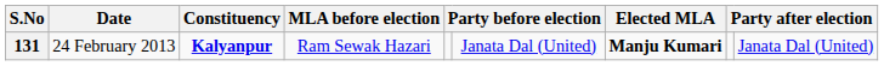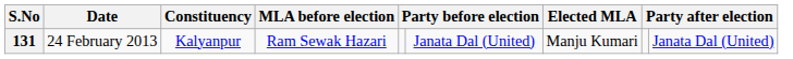 <table class="wikitable sortable" style="text-align:center;">
 <tr>
 <th>S.No</th>
 <th>Date</th>
 <th>Constituency</th>
 <th>MLA before election</th>
 <th colspan="2">Party before election</th>
 <th>Elected MLA</th>
 <th colspan="2">Party after election</th>
 </tr>
 <tr>
 <th>131</th>
 <td>24 February 2013</td>
-<td><strong><a href='#'>Kalyanpur</a></strong></td>
+<td><a href='#'>Kalyanpur</a></td>
 <td><a href='#'>Ram Sewak Hazari</a></td>
 <td></td>
 <td><a href='#'>Janata Dal (United)</a></td>
-<td><strong>Manju Kumari</strong></td>
+<td>Manju Kumari</td>
 <td></td>
 <td><a href='#'>Janata Dal (United)</a></td>
 </tr>
 </table>
